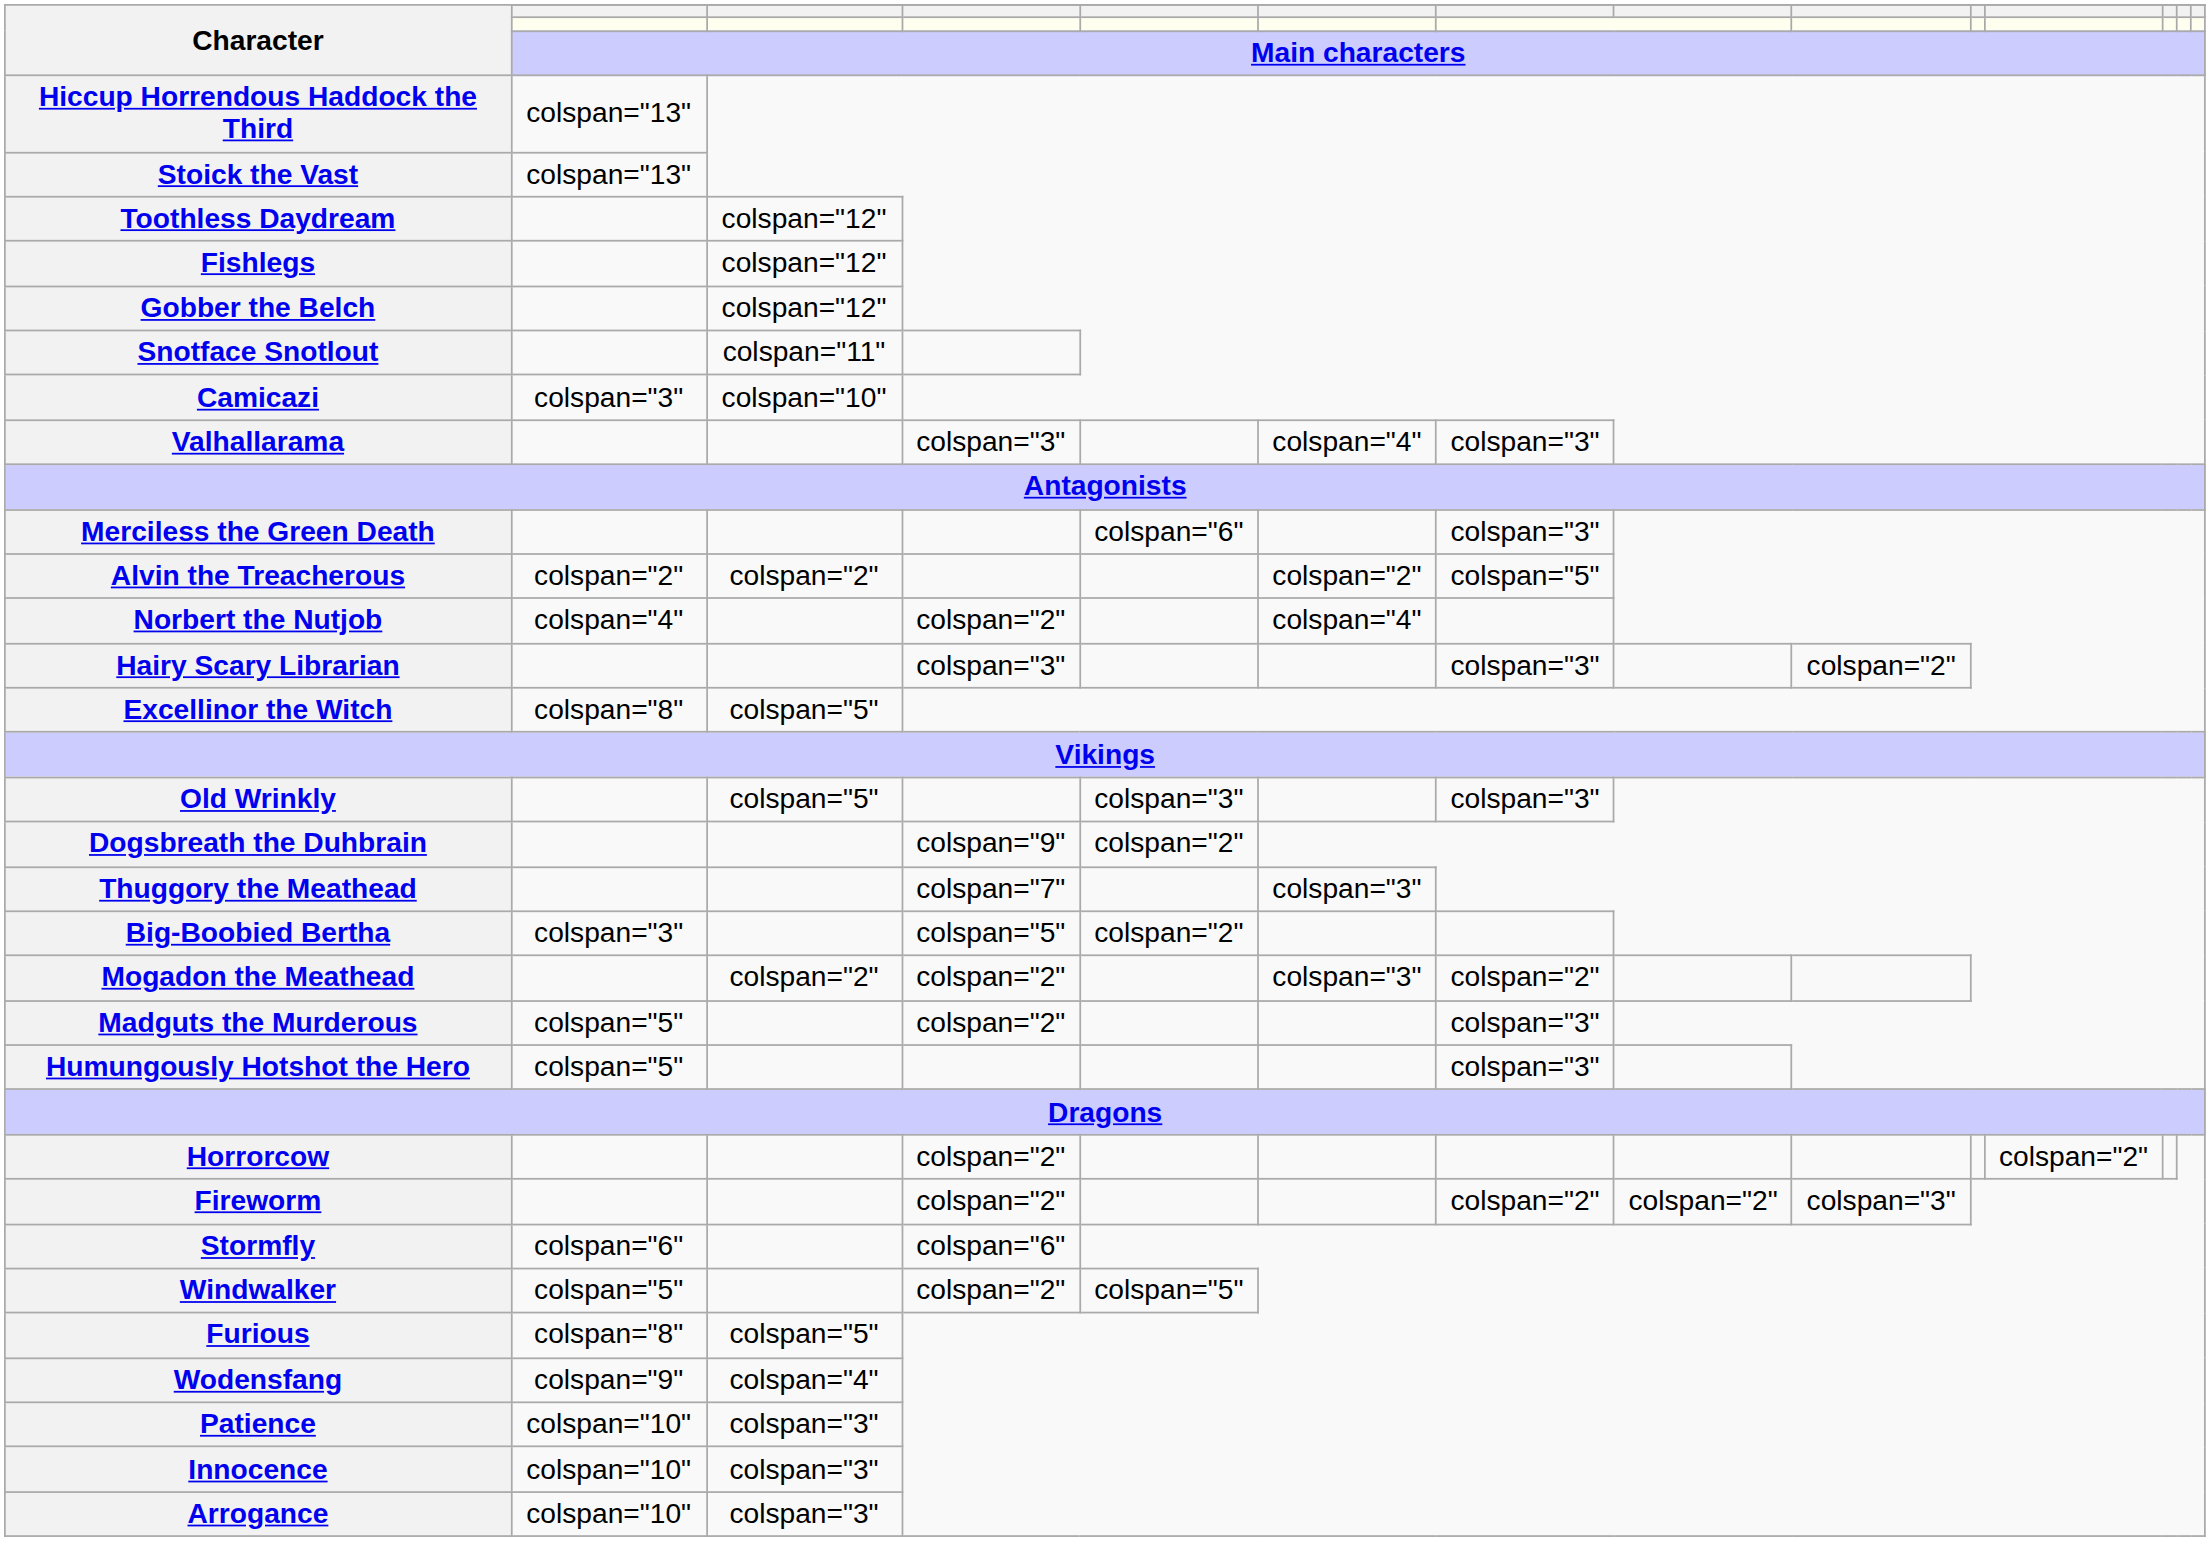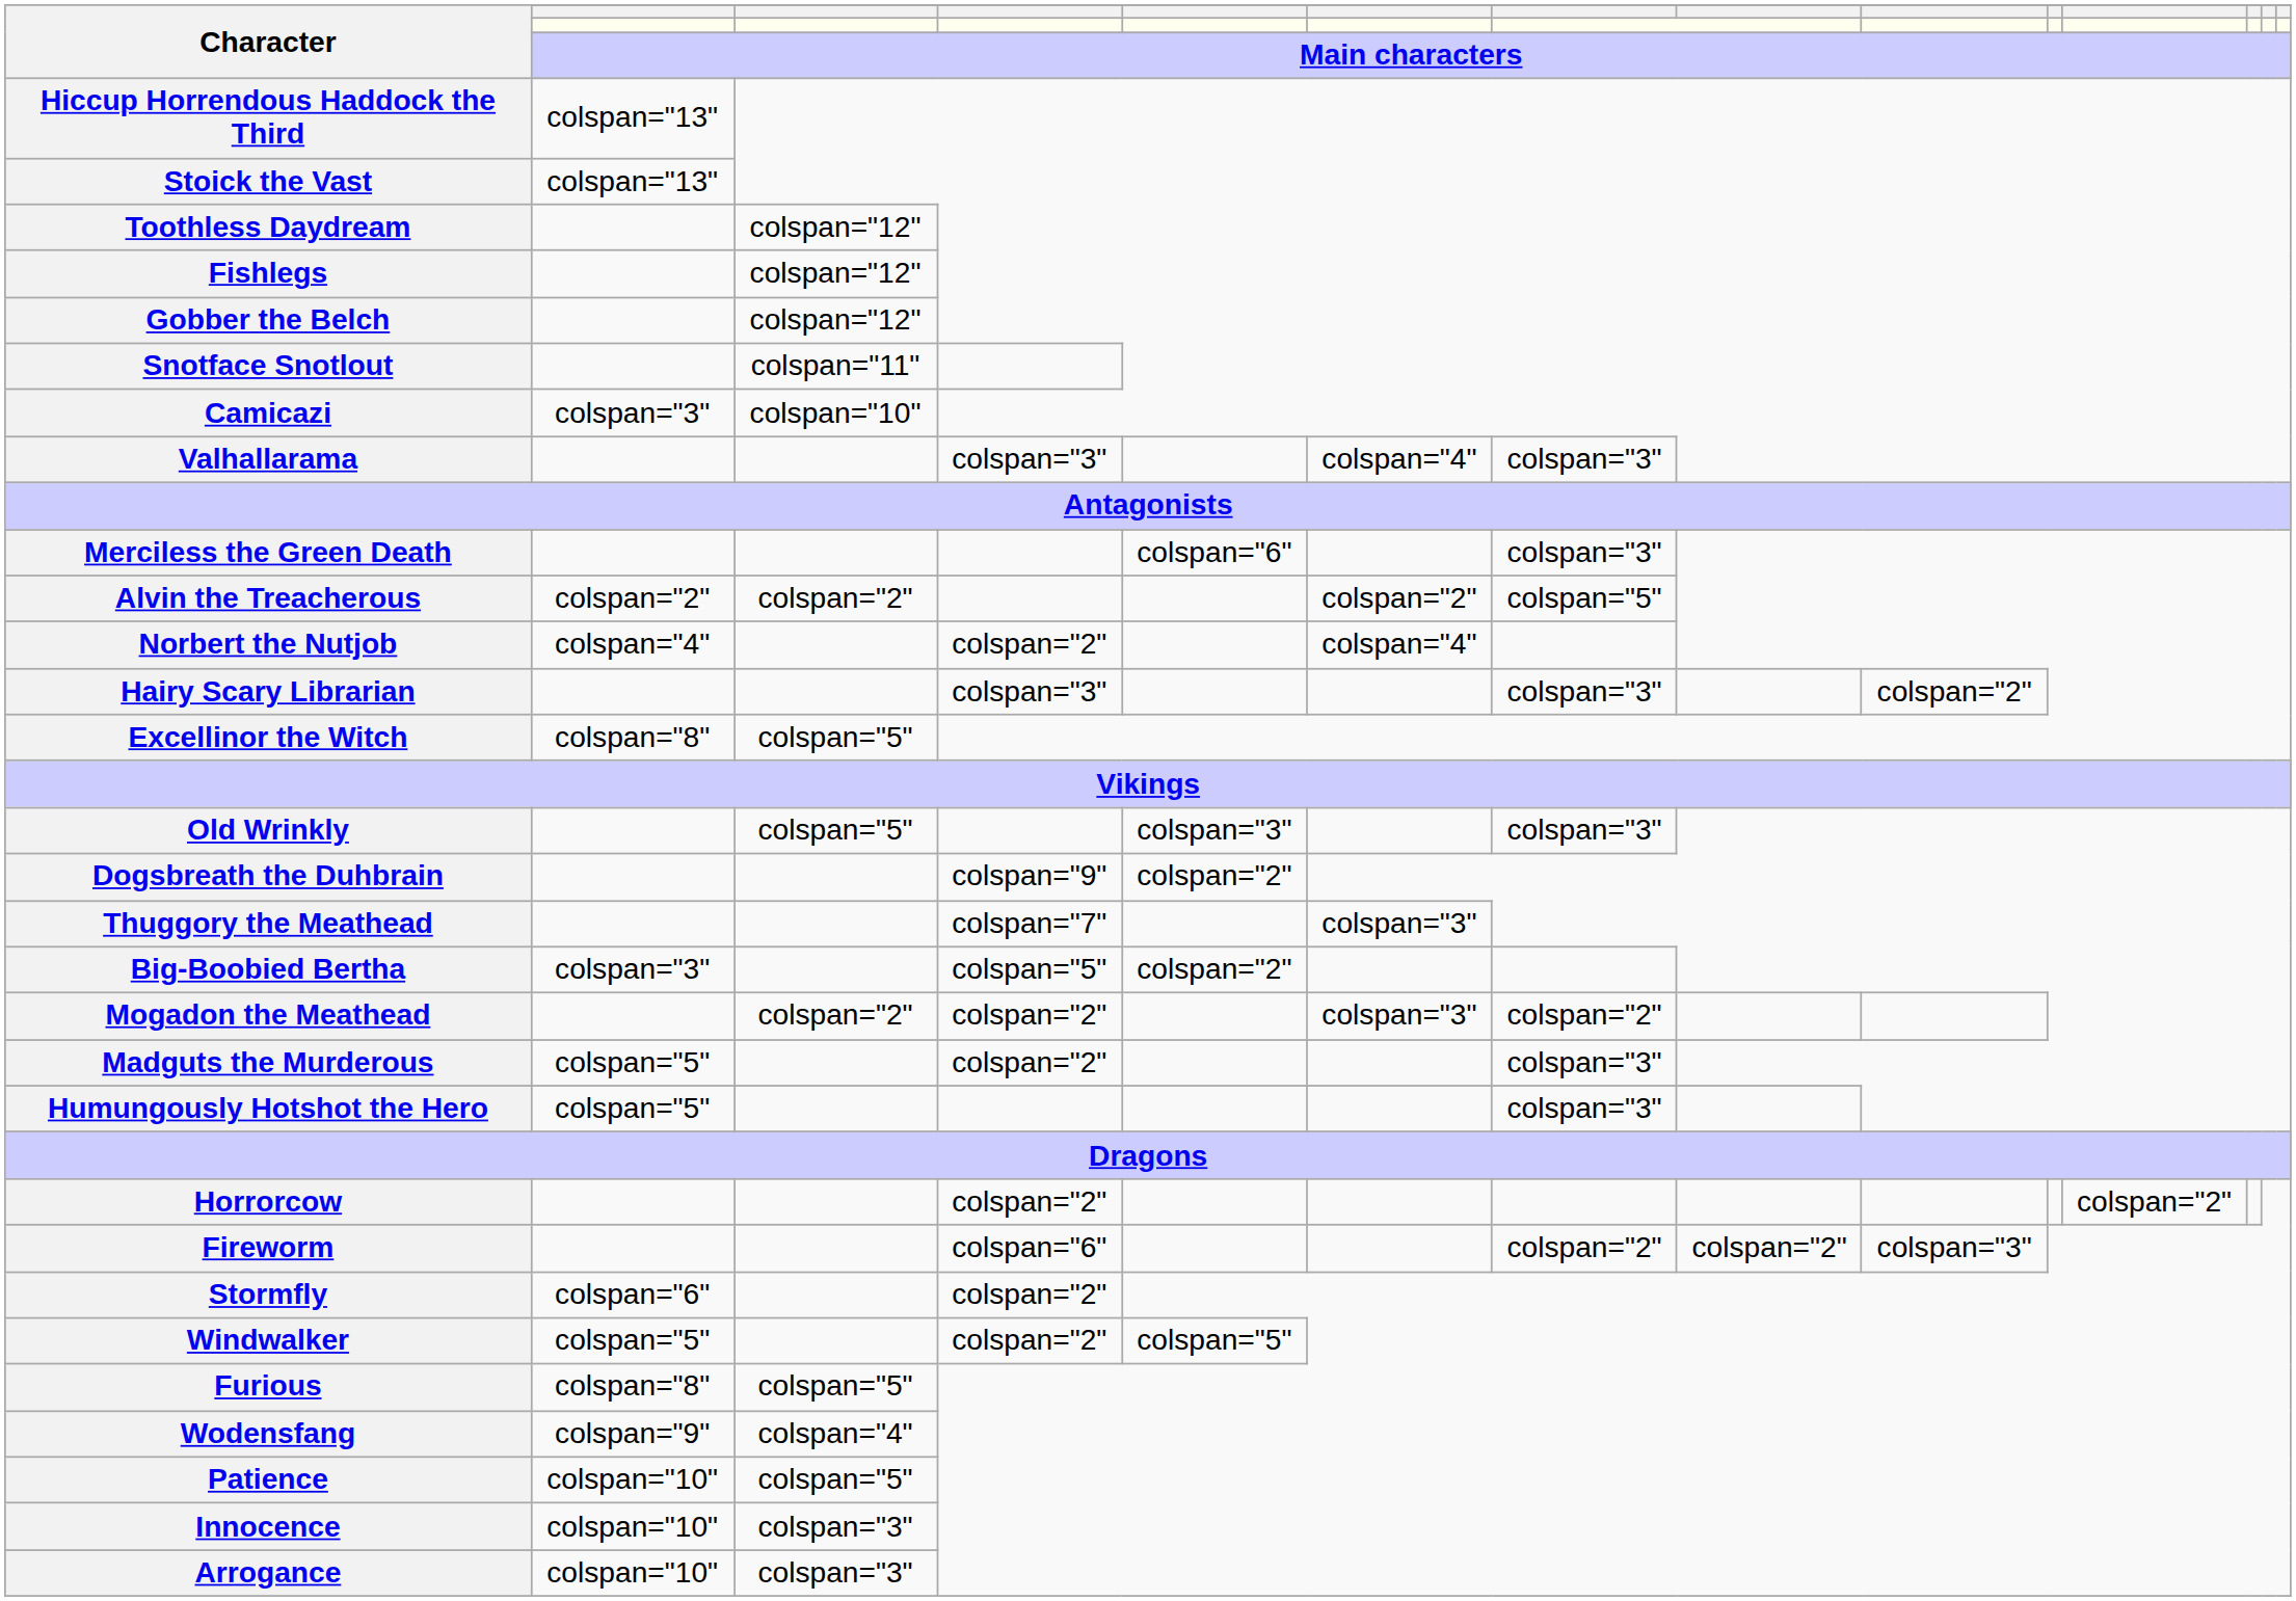 <table class="wikitable" style="width:99%; text-align:center;">
 <tr>
 <th rowspan="4" style="width:23%;">Character</th>
 </tr>
 <tr>
 <th><a href='#'><em></em></a></th>
 <th><a href='#'><em></em></a></th>
 <th><a href='#'><em></em></a></th>
 <th><a href='#'><em></em></a></th>
 <th><a href='#'><em></em></a></th>
 <th><a href='#'><em></em></a></th>
 <th><a href='#'><em></em></a></th>
 <th><a href='#'><em></em></a></th>
 <th><a href='#'><em></em></a></th>
 <th><a href='#'><em></em></a></th>
 <th><a href='#'><em></em></a></th>
 <th><a href='#'><em></em></a></th>
 <th><a href='#'><em></em></a></th>
 </tr>
 <tr>
 <td style="background:ivory; text-align:center;"></td>
 <td style="background:ivory; text-align:center;"></td>
 <td style="background:ivory; text-align:center;"></td>
 <td style="background:ivory; text-align:center;"></td>
 <td style="background:ivory; text-align:center;"></td>
 <td colspan="2" style="background:ivory; text-align:center;"></td>
 <td style="background:ivory; text-align:center;"></td>
 <td style="background:ivory; text-align:center;"></td>
 <td style="background:ivory; text-align:center;"></td>
 <td style="background:ivory; text-align:center;"></td>
 <td style="background:ivory; text-align:center;"></td>
 <td style="background:ivory; text-align:center;"></td>
 </tr>
 <tr style="background:ivory; text-align:center;" | >
 <th colspan="13" style="background-color:#ccccff;"><a href='#'>Main characters</a></th>
 </tr>
 <tr>
 <th style="text-align:center;"><a href='#'>Hiccup Horrendous Haddock the Third</a></th>
 <td>colspan="13" </td>
 </tr>
 <tr>
 <th style="text-align:center;"><a href='#'>Stoick the Vast</a></th>
 <td>colspan="13" </td>
 </tr>
 <tr>
 <th style="text-align:center;"><a href='#'>Toothless Daydream</a></th>
 <td></td>
 <td>colspan="12" </td>
 </tr>
 <tr>
 <th style="text-align:center;"><a href='#'>Fishlegs</a></th>
 <td></td>
 <td>colspan="12" </td>
 </tr>
 <tr>
 <th style="text-align:center;"><a href='#'>Gobber the Belch</a></th>
 <td></td>
 <td>colspan="12" </td>
 </tr>
 <tr>
 <th style="text-align:center;"><a href='#'>Snotface Snotlout</a></th>
 <td></td>
 <td>colspan="11" </td>
 <td></td>
 </tr>
 <tr>
 <th style="text-align:center;"><a href='#'>Camicazi</a></th>
 <td>colspan="3" </td>
 <td>colspan="10" </td>
 </tr>
 <tr>
 <th style="text-align:center;"><a href='#'>Valhallarama</a></th>
 <td></td>
 <td></td>
 <td>colspan="3" </td>
 <td></td>
 <td>colspan="4" </td>
 <td>colspan="3" </td>
 </tr>
 <tr>
 <th colspan="14" style="background-color:#ccccff;"><a href='#'>Antagonists</a></th>
 </tr>
 <tr>
 <th style="text-align:center;"><a href='#'>Merciless the Green Death</a></th>
 <td></td>
 <td></td>
 <td></td>
 <td>colspan="6" </td>
 <td></td>
 <td>colspan="3" </td>
 </tr>
 <tr>
 <th style="text-align:center;"><a href='#'>Alvin the Treacherous</a></th>
 <td>colspan="2" </td>
 <td>colspan="2" </td>
 <td></td>
 <td></td>
 <td>colspan="2" </td>
 <td>colspan="5" </td>
 </tr>
 <tr>
 <th style="text-align:center;"><a href='#'>Norbert the Nutjob</a></th>
 <td>colspan="4" </td>
 <td></td>
 <td>colspan="2" </td>
 <td></td>
 <td>colspan="4" </td>
 <td></td>
 </tr>
 <tr>
 <th style="text-align:center;"><a href='#'>Hairy Scary Librarian</a></th>
 <td></td>
 <td></td>
 <td>colspan="3" </td>
 <td></td>
 <td></td>
 <td>colspan="3" </td>
 <td></td>
 <td>colspan="2" </td>
 </tr>
 <tr>
 <th style="text-align:center;"><a href='#'>Excellinor the Witch</a></th>
 <td>colspan="8" </td>
 <td>colspan="5" </td>
 </tr>
 <tr>
 <th colspan="14" style="background-color:#ccccff;"><a href='#'>Vikings</a></th>
 </tr>
 <tr>
 <th style="text-align:center;"><a href='#'>Old Wrinkly</a></th>
 <td></td>
 <td>colspan="5" </td>
 <td></td>
 <td>colspan="3" </td>
 <td></td>
 <td>colspan="3" </td>
 </tr>
 <tr>
 <th style="text-align:center;"><a href='#'>Dogsbreath the Duhbrain</a></th>
 <td></td>
 <td></td>
 <td>colspan="9" </td>
 <td>colspan="2" </td>
 </tr>
 <tr>
 <th style="text-align:center;"><a href='#'>Thuggory the Meathead</a></th>
 <td></td>
 <td></td>
 <td>colspan="7" </td>
 <td></td>
 <td>colspan="3" </td>
 </tr>
 <tr>
 <th style="text-align:center;"><a href='#'>Big-Boobied Bertha</a></th>
 <td>colspan="3" </td>
 <td></td>
 <td>colspan="5" </td>
 <td>colspan="2" </td>
 <td></td>
 <td></td>
 </tr>
 <tr>
 <th style="text-align:center;"><a href='#'>Mogadon the Meathead</a></th>
 <td></td>
 <td>colspan="2" </td>
 <td>colspan="2" </td>
 <td></td>
 <td>colspan="3" </td>
 <td>colspan="2" </td>
 <td></td>
 <td></td>
 </tr>
 <tr>
 <th style="text-align:center;"><a href='#'>Madguts the Murderous</a></th>
 <td>colspan="5" </td>
 <td></td>
 <td>colspan="2" </td>
 <td></td>
 <td></td>
 <td>colspan="3" </td>
 </tr>
 <tr>
 <th style="text-align:center;"><a href='#'>Humungously Hotshot the Hero</a></th>
 <td>colspan="5" </td>
 <td></td>
 <td></td>
 <td></td>
 <td></td>
 <td>colspan="3" </td>
 <td></td>
 </tr>
 <tr>
 <th colspan="14" style="background-color:#ccccff;"><a href='#'>Dragons</a></th>
 </tr>
 <tr>
 <th style="text-align:center;"><a href='#'>Horrorcow</a></th>
 <td></td>
 <td></td>
 <td>colspan="2" </td>
 <td></td>
 <td></td>
 <td></td>
 <td></td>
 <td></td>
 <td></td>
 <td>colspan="2" </td>
 <td></td>
 </tr>
 <tr>
 <th style="text-align:center;"><a href='#'>Fireworm</a></th>
 <td></td>
 <td></td>
-<td>colspan="2" </td>
+<td>colspan="6" </td>
 <td></td>
 <td></td>
 <td>colspan="2" </td>
 <td>colspan="2" </td>
 <td>colspan="3" </td>
 </tr>
 <tr>
 <th style="text-align:center;"><a href='#'>Stormfly</a></th>
 <td>colspan="6" </td>
 <td></td>
-<td>colspan="6" </td>
+<td>colspan="2" </td>
 </tr>
 <tr>
 <th style="text-align:center;"><a href='#'>Windwalker</a></th>
 <td>colspan="5" </td>
 <td></td>
 <td>colspan="2" </td>
 <td>colspan="5" </td>
 </tr>
 <tr>
 <th style="text-align:center;"><a href='#'>Furious</a></th>
 <td>colspan="8" </td>
 <td>colspan="5" </td>
 </tr>
 <tr>
 <th style="text-align:center;"><a href='#'>Wodensfang</a></th>
 <td>colspan="9" </td>
 <td>colspan="4" </td>
 </tr>
 <tr>
 <th style="text-align:center;"><a href='#'>Patience</a></th>
 <td>colspan="10" </td>
-<td>colspan="3" </td>
+<td>colspan="5" </td>
 </tr>
 <tr>
 <th style="text-align:center;"><a href='#'>Innocence</a></th>
 <td>colspan="10" </td>
 <td>colspan="3" </td>
 </tr>
 <tr>
 <th style="text-align:center;"><a href='#'>Arrogance</a></th>
 <td>colspan="10" </td>
 <td>colspan="3" </td>
 </tr>
 </table>
